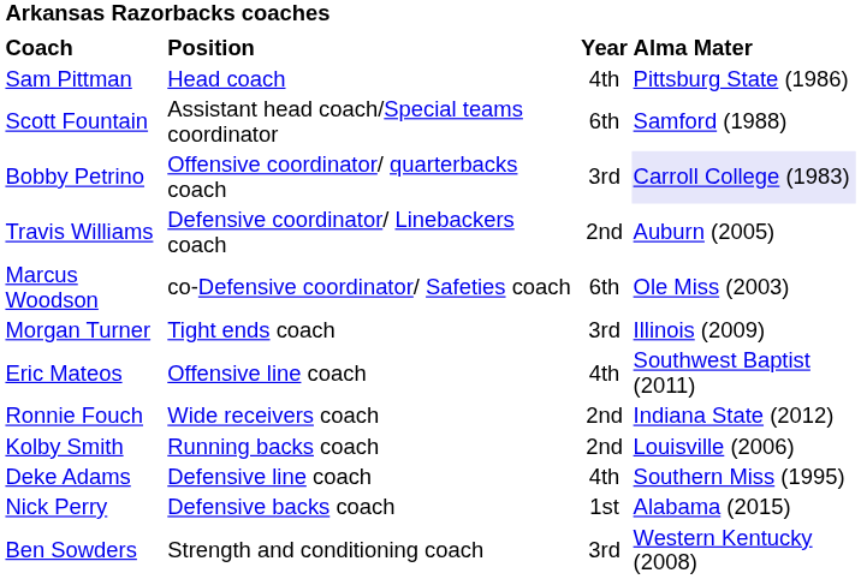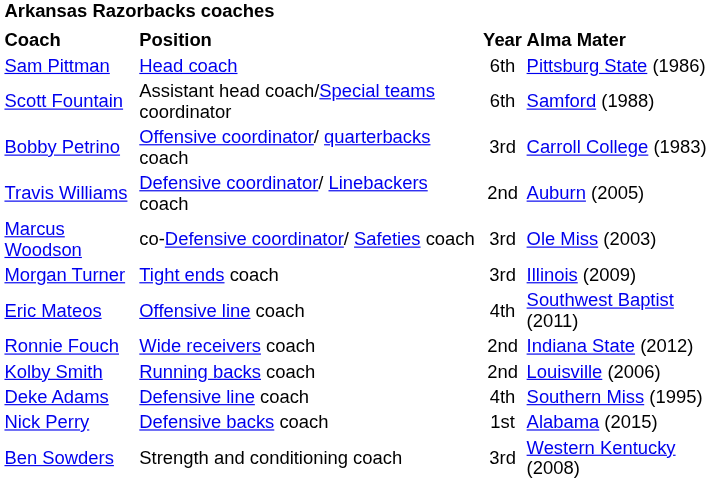 <table class="toccolours" style="text-align: left;">
 <tr>
 <td colspan="9"><strong>Arkansas Razorbacks coaches</strong></td>
 </tr>
 <tr>
 <td style="font-size: 95%;" valign="top"></td>
 <td></td>
 </tr>
 <tr>
 <th>Coach</th>
 <th>Position</th>
 <th>Year</th>
 <th>Alma Mater</th>
 <th></th>
 </tr>
 <tr>
 <td><a href='#'>Sam Pittman</a></td>
 <td><a href='#'>Head coach</a></td>
-<td align=center>4th</td>
+<td align=center>6th</td>
 <td><a href='#'>Pittsburg State</a> (1986)</td>
 </tr>
 <tr>
 <td><a href='#'>Scott Fountain</a></td>
 <td>Assistant head coach/<a href='#'>Special teams</a> coordinator</td>
 <td align=center>6th</td>
 <td><a href='#'>Samford</a> (1988)</td>
 </tr>
 <tr>
 <td><a href='#'>Bobby Petrino</a></td>
 <td><a href='#'>Offensive coordinator</a>/ <a href='#'>quarterbacks</a> coach</td>
 <td align=center>3rd</td>
-<td style="background: lavender;"><a href='#'>Carroll College</a> (1983)</td>
+<td><a href='#'>Carroll College</a> (1983)</td>
 </tr>
 <tr>
 <td><a href='#'>Travis Williams</a></td>
 <td><a href='#'>Defensive coordinator</a>/ <a href='#'>Linebackers</a> coach</td>
 <td align=center>2nd</td>
 <td><a href='#'>Auburn</a> (2005)</td>
 </tr>
 <tr>
 <td><a href='#'>Marcus Woodson</a></td>
 <td>co-<a href='#'>Defensive coordinator</a>/ <a href='#'>Safeties</a> coach</td>
-<td align=center>6th</td>
+<td align=center>3rd</td>
 <td><a href='#'>Ole Miss</a> (2003)</td>
 </tr>
 <tr>
 <td><a href='#'>Morgan Turner</a></td>
 <td><a href='#'>Tight ends</a> coach</td>
 <td align=center>3rd</td>
 <td><a href='#'>Illinois</a> (2009)</td>
 </tr>
 <tr>
 <td><a href='#'>Eric Mateos</a></td>
 <td><a href='#'>Offensive line</a> coach</td>
 <td align=center>4th</td>
 <td><a href='#'>Southwest Baptist</a> (2011)</td>
 </tr>
 <tr>
 <td><a href='#'>Ronnie Fouch</a></td>
 <td><a href='#'>Wide receivers</a> coach</td>
 <td align=center>2nd</td>
 <td><a href='#'>Indiana State</a> (2012)</td>
 </tr>
 <tr>
 <td><a href='#'>Kolby Smith</a></td>
 <td><a href='#'>Running backs</a> coach</td>
 <td align=center>2nd</td>
 <td><a href='#'>Louisville</a> (2006)</td>
 </tr>
 <tr>
 <td><a href='#'>Deke Adams</a></td>
 <td><a href='#'>Defensive line</a> coach</td>
 <td align=center>4th</td>
 <td><a href='#'>Southern Miss</a> (1995)</td>
 </tr>
 <tr>
 <td><a href='#'>Nick Perry</a></td>
 <td><a href='#'>Defensive backs</a> coach</td>
 <td align=center>1st</td>
 <td><a href='#'>Alabama</a> (2015)</td>
 </tr>
 <tr>
 <td><a href='#'>Ben Sowders</a></td>
 <td>Strength and conditioning coach</td>
 <td align=center>3rd</td>
 <td><a href='#'>Western Kentucky</a> (2008)</td>
 </tr>
 <tr>
 </tr>
 </table>
